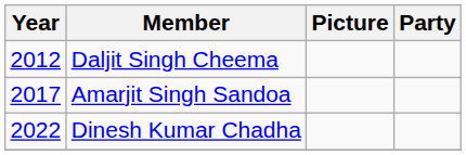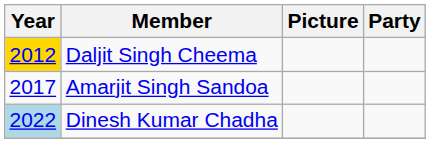 <table class="wikitable sortable">
 <tr>
 <th>Year</th>
 <th>Member</th>
 <th>Picture</th>
 <th colspan="2">Party</th>
 </tr>
 <tr>
-<td><a href='#'>2012</a></td>
+<td style="background: gold;"><a href='#'>2012</a></td>
 <td><a href='#'>Daljit Singh Cheema</a></td>
 <td></td>
 <td></td>
 </tr>
 <tr>
 <td><a href='#'>2017</a></td>
 <td><a href='#'>Amarjit Singh Sandoa</a></td>
 <td></td>
 <td></td>
 </tr>
 <tr>
-<td><a href='#'>2022</a></td>
+<td style="background: lightblue;"><a href='#'>2022</a></td>
 <td><a href='#'>Dinesh Kumar Chadha</a></td>
 <td></td>
 <td></td>
 </tr>
 <tr>
 </tr>
 </table>
